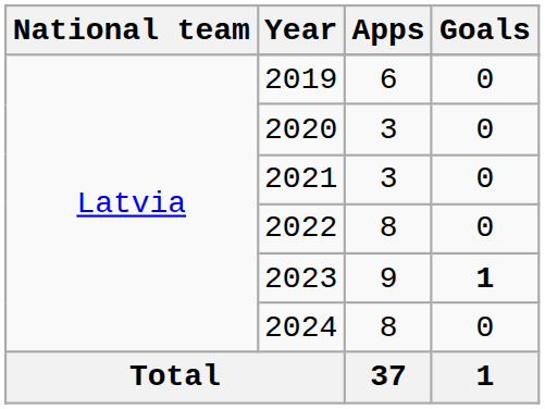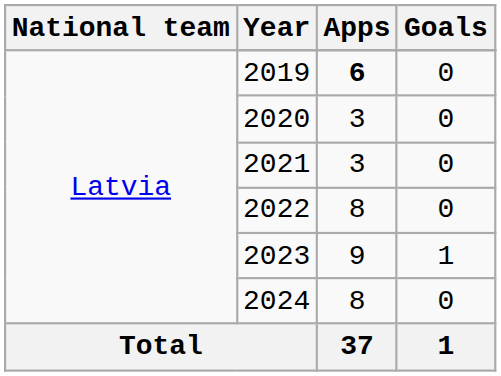 <table class="wikitable" style="text-align: center;">
 <tr>
 <th>National team</th>
 <th>Year</th>
 <th>Apps</th>
 <th>Goals</th>
 </tr>
 <tr>
 <td rowspan="7"><a href='#'>Latvia</a></td>
 </tr>
 <tr>
 <td>2019</td>
-<td>6</td>
+<td><strong>6</strong></td>
 <td>0</td>
 </tr>
 <tr>
 <td>2020</td>
 <td>3</td>
 <td>0</td>
 </tr>
 <tr>
 <td>2021</td>
 <td>3</td>
 <td>0</td>
 </tr>
 <tr>
 <td>2022</td>
 <td>8</td>
 <td>0</td>
 </tr>
 <tr>
 <td>2023</td>
 <td>9</td>
-<td><strong>1</strong></td>
+<td>1</td>
 </tr>
 <tr>
 <td>2024</td>
 <td>8</td>
 <td>0</td>
 </tr>
 <tr>
 <th colspan="2">Total</th>
 <th>37</th>
 <th>1</th>
 </tr>
 </table>
